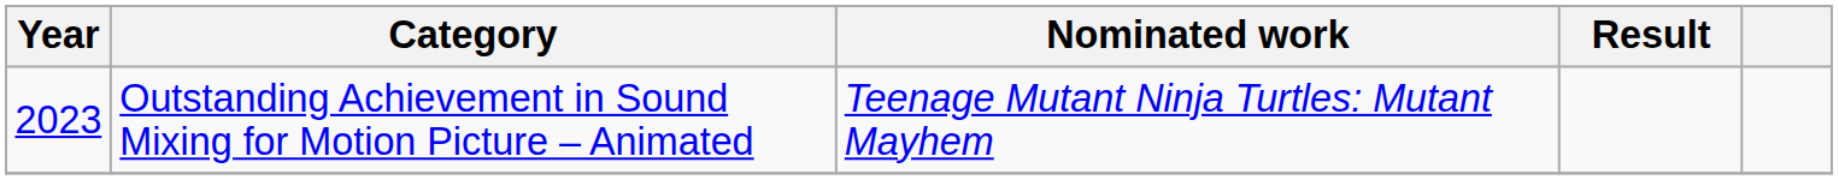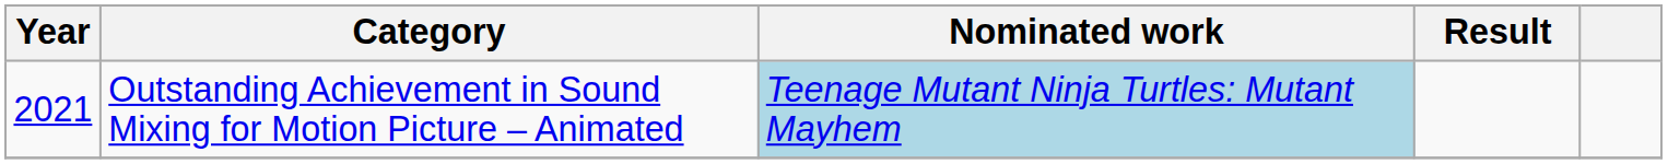 <table class="wikitable" style="width:85%;">
 <tr>
 <th width=5%>Year</th>
 <th style="width:40%;">Category</th>
 <th style="width:40%;">Nominated work</th>
 <th style="width:10%;">Result</th>
 <th width=5%></th>
 </tr>
 <tr>
-<td style="text-align:center;"><a href='#'>2023</a></td>
+<td style="text-align:center;"><a href='#'>2021</a></td>
 <td><a href='#'>Outstanding Achievement in Sound Mixing for Motion Picture – Animated</a></td>
-<td><em><a href='#'>Teenage Mutant Ninja Turtles: Mutant Mayhem</a></em> </td>
+<td style="background: lightblue;"><em><a href='#'>Teenage Mutant Ninja Turtles: Mutant Mayhem</a></em> </td>
 <td></td>
 <td align="center"></td>
 </tr>
 <tr>
 </tr>
 </table>
